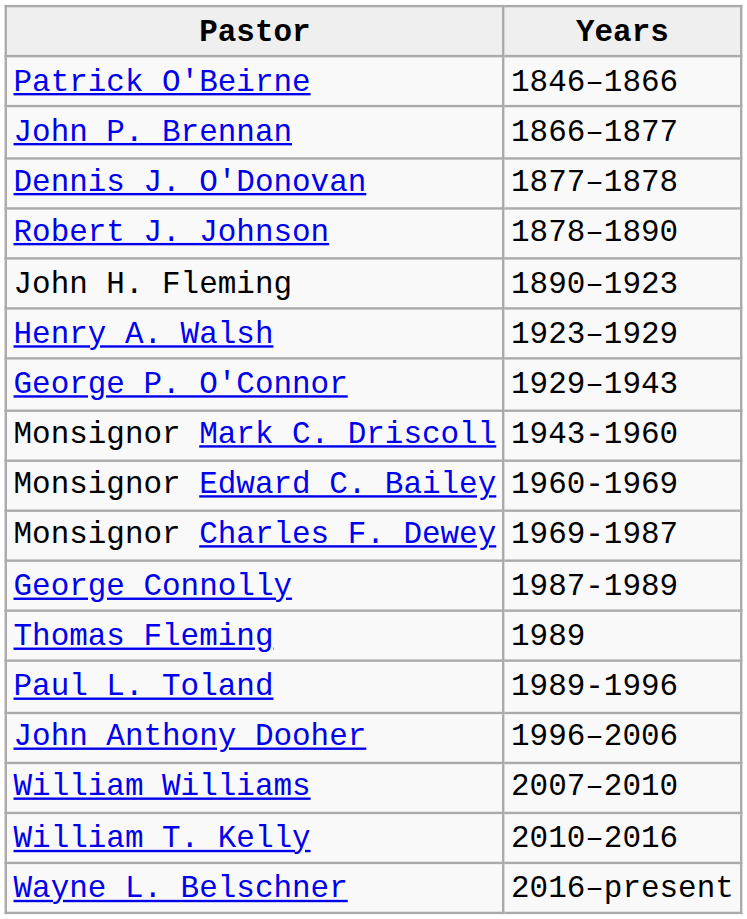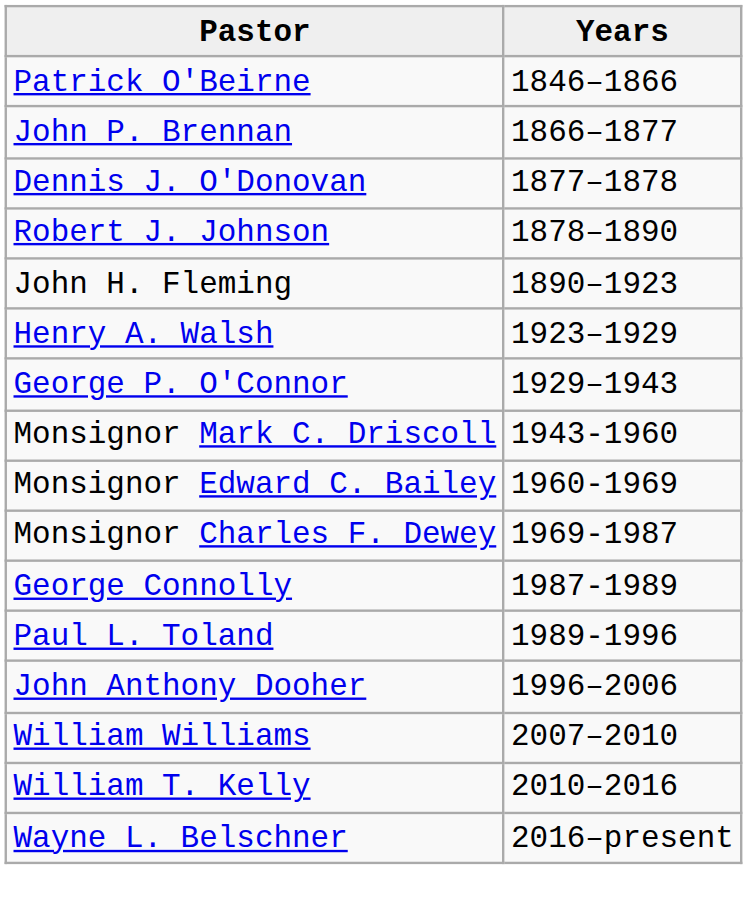 <table class="wikitable" style="float: right; margin-left:1em">
 <tr>
 <th style="background:#efefef;">Pastor</th>
 <th style="background:#efefef">Years</th>
 </tr>
 <tr>
 <td><a href='#'>Patrick O'Beirne</a></td>
 <td>1846–1866</td>
 </tr>
 <tr>
 <td><a href='#'>John P. Brennan</a></td>
 <td>1866–1877</td>
 </tr>
 <tr>
 <td><a href='#'>Dennis J. O'Donovan</a></td>
 <td>1877–1878</td>
 </tr>
 <tr>
 <td><a href='#'>Robert J. Johnson</a></td>
 <td>1878–1890</td>
 </tr>
 <tr>
 <td>John H. Fleming</td>
 <td>1890–1923</td>
 </tr>
 <tr>
 <td><a href='#'>Henry A. Walsh</a></td>
 <td>1923–1929</td>
 </tr>
 <tr>
 <td><a href='#'>George P. O'Connor</a></td>
 <td>1929–1943</td>
 </tr>
 <tr>
 <td>Monsignor <a href='#'>Mark C. Driscoll</a></td>
 <td>1943-1960</td>
 </tr>
 <tr>
 <td>Monsignor <a href='#'>Edward C. Bailey</a></td>
 <td>1960-1969</td>
 </tr>
 <tr>
 <td>Monsignor <a href='#'>Charles F. Dewey</a></td>
 <td>1969-1987</td>
 </tr>
 <tr>
 <td><a href='#'>George Connolly</a></td>
 <td>1987-1989</td>
 </tr>
 <tr>
-<td><a href='#'>Thomas Fleming</a></td>
-<td>1989</td>
-</tr>
-<tr>
 <td><a href='#'>Paul L. Toland</a></td>
 <td>1989-1996</td>
 </tr>
 <tr>
 <td><a href='#'>John Anthony Dooher</a></td>
 <td>1996–2006</td>
 </tr>
 <tr>
 <td><a href='#'>William Williams</a></td>
 <td>2007–2010</td>
 </tr>
 <tr>
 <td><a href='#'>William T. Kelly</a></td>
 <td>2010–2016</td>
 </tr>
 <tr>
 <td><a href='#'>Wayne L. Belschner</a></td>
 <td>2016–present</td>
 </tr>
 </table>
